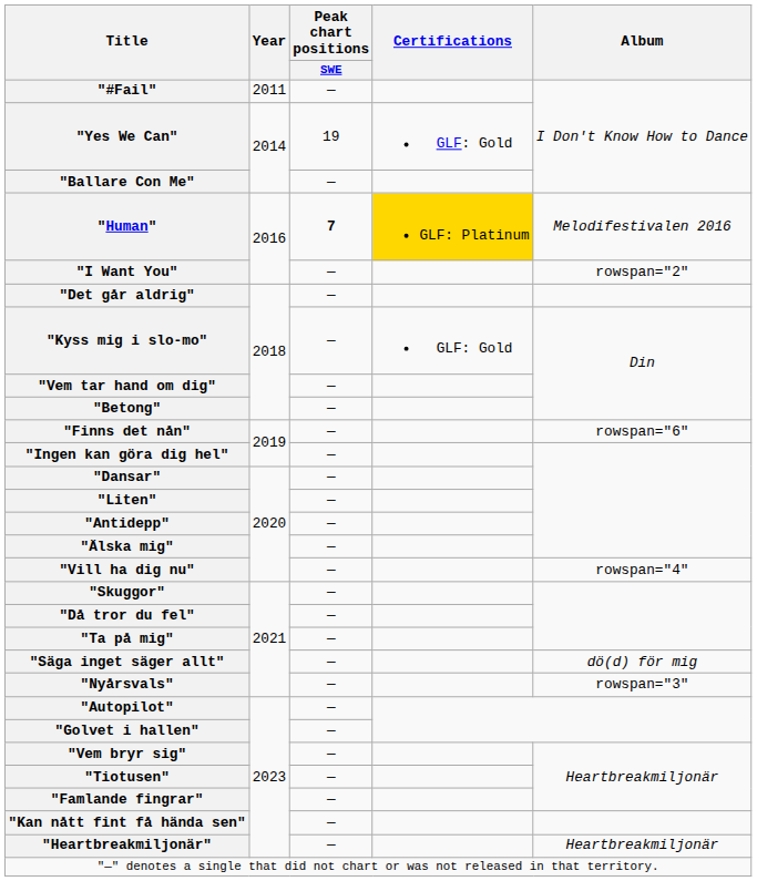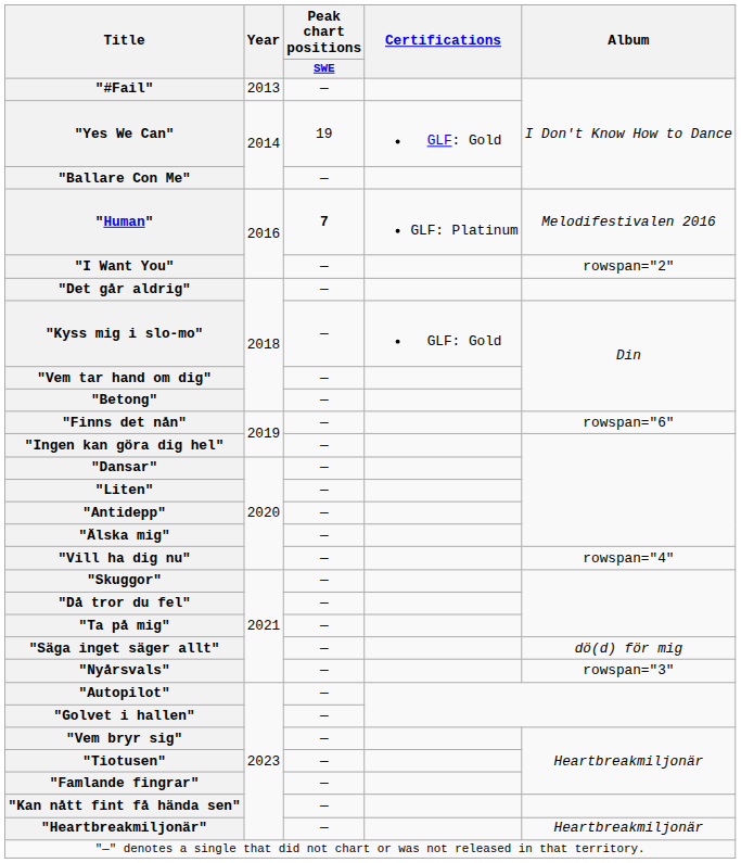 <table class="wikitable plainrowheaders" style="text-align:center;">
 <tr>
 <th scope="col" rowspan="2">Title</th>
 <th scope="col" rowspan="2">Year</th>
 <th scope="col" colspan="1">Peak chart positions</th>
 <th scope="col" rowspan="2"><a href='#'>Certifications</a></th>
 <th scope="col" rowspan="2">Album</th>
 </tr>
 <tr>
 <th scope="col" style="width:3em;font-size:85%;"><a href='#'>SWE</a><br></th>
 </tr>
 <tr>
 <th scope="row">"#Fail"</th>
-<td>2011</td>
+<td>2013</td>
 <td>—</td>
 <td></td>
 <td rowspan="3"><em>I Don't Know How to Dance</em></td>
 </tr>
 <tr>
 <th scope="row">"Yes We Can"</th>
 <td rowspan="2">2014</td>
 <td>19</td>
 <td><br><ul><li><a href='#'>GLF</a>: Gold</li></ul></td>
 </tr>
 <tr>
 <th scope="row">"Ballare Con Me"</th>
 <td>—</td>
 <td></td>
 </tr>
 <tr>
 <th scope="row">"<a href='#'>Human</a>"</th>
 <td rowspan="2">2016</td>
 <td><strong>7</strong></td>
-<td style="background: gold;"><br><ul><li>GLF: Platinum</li></ul></td>
+<td><br><ul><li>GLF: Platinum</li></ul></td>
 <td><em>Melodifestivalen 2016</em></td>
 </tr>
 <tr>
 <th scope="row">"I Want You"</th>
 <td>—</td>
 <td></td>
 <td>rowspan="2" </td>
 </tr>
 <tr>
 <th scope="row">"Det går aldrig"</th>
 <td rowspan="4">2018</td>
 <td>—</td>
 <td></td>
 </tr>
 <tr>
 <th scope="row">"Kyss mig i slo-mo"<br></th>
 <td>—</td>
 <td><br><ul><li>GLF: Gold</li></ul></td>
 <td rowspan="3"><em>Din</em></td>
 </tr>
 <tr>
 <th scope="row">"Vem tar hand om dig"<br></th>
 <td>—</td>
 <td></td>
 </tr>
 <tr>
 <th scope="row">"Betong"</th>
 <td>—</td>
 <td></td>
 </tr>
 <tr>
 <th scope="row">"Finns det nån"</th>
 <td rowspan="2">2019</td>
 <td>—</td>
 <td></td>
 <td>rowspan="6" </td>
 </tr>
 <tr>
 <th scope="row">"Ingen kan göra dig hel"</th>
 <td>—</td>
 <td></td>
 </tr>
 <tr>
 <th scope="row">"Dansar"</th>
 <td rowspan="5">2020</td>
 <td>—</td>
 <td></td>
 </tr>
 <tr>
 <th scope="row">"Liten"</th>
 <td>—</td>
 <td></td>
 </tr>
 <tr>
 <th scope="row">"Antidepp"</th>
 <td>—</td>
 <td></td>
 </tr>
 <tr>
 <th scope="row">"Älska mig"<br></th>
 <td>—</td>
 <td></td>
 </tr>
 <tr>
 <th scope="row">"Vill ha dig nu"</th>
 <td>—</td>
 <td></td>
 <td>rowspan="4" </td>
 </tr>
 <tr>
 <th scope="row">"Skuggor"</th>
 <td rowspan="5">2021</td>
 <td>—</td>
 <td></td>
 </tr>
 <tr>
 <th scope="row">"Då tror du fel"</th>
 <td>—</td>
 <td></td>
 </tr>
 <tr>
 <th scope="row">"Ta på mig"</th>
 <td>—</td>
 <td></td>
 </tr>
 <tr>
 <th scope="row">"Säga inget säger allt"</th>
 <td>—</td>
 <td></td>
 <td><em>dö(d) för mig</em></td>
 </tr>
 <tr>
 <th scope="row">"Nyårsvals"</th>
 <td>—</td>
 <td></td>
 <td>rowspan="3" </td>
 </tr>
 <tr>
 <th scope="row">"Autopilot"</th>
 <td rowspan="7">2023</td>
 <td>—</td>
 </tr>
 <tr>
 <th scope="row">"Golvet i hallen"</th>
 <td>—</td>
 </tr>
 <tr>
 <th scope="row">"Vem bryr sig"</th>
 <td>—</td>
 <td></td>
 <td rowspan="3"><em>Heartbreakmiljonär</em></td>
 </tr>
 <tr>
 <th scope="row">"Tiotusen"</th>
 <td>—</td>
 <td></td>
 </tr>
 <tr>
 <th scope="row">"Famlande fingrar"</th>
 <td>—</td>
 <td></td>
 </tr>
 <tr>
 <th scope="row">"Kan nått fint få hända sen"<br></th>
 <td>—</td>
 <td></td>
 <td></td>
 </tr>
 <tr>
 <th scope="row">"Heartbreakmiljonär"</th>
 <td>—</td>
 <td></td>
 <td><em>Heartbreakmiljonär</em></td>
 </tr>
 <tr>
 <td colspan="10" style="font-size:85%">"—" denotes a single that did not chart or was not released in that territory.</td>
 </tr>
 </table>
